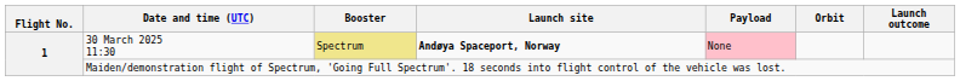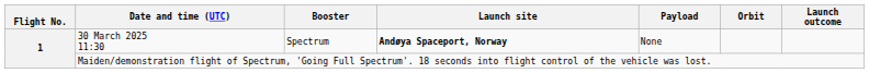 <table class="wikitable plainrowheaders collapsible sticky-header" id="2025ytd" style="width: 100%;">
 <tr>
 <th scope="col"><br>Flight No.</th>
 <th>Date and time (<a href='#'>UTC</a>)</th>
 <th>Booster</th>
 <th>Launch site</th>
 <th>Payload</th>
 <th>Orbit</th>
 <th scope="col">Launch<br>outcome</th>
 </tr>
 <tr id="">
 <th rowspan=2 scope="row" style="text-align:center;">1</th>
 <td>30 March 2025<br>11:30</td>
-<td style="background: khaki;">Spectrum</td>
+<td>Spectrum</td>
 <td><strong>Andøya Spaceport, Norway</strong></td>
-<td style="background: pink;">None</td>
+<td>None</td>
 <td></td>
 <td></td>
 </tr>
 <tr>
 <td colspan="6">Maiden/demonstration flight of Spectrum, 'Going Full Spectrum'. 18 seconds into flight control of the vehicle was lost.</td>
 </tr>
 </table>
